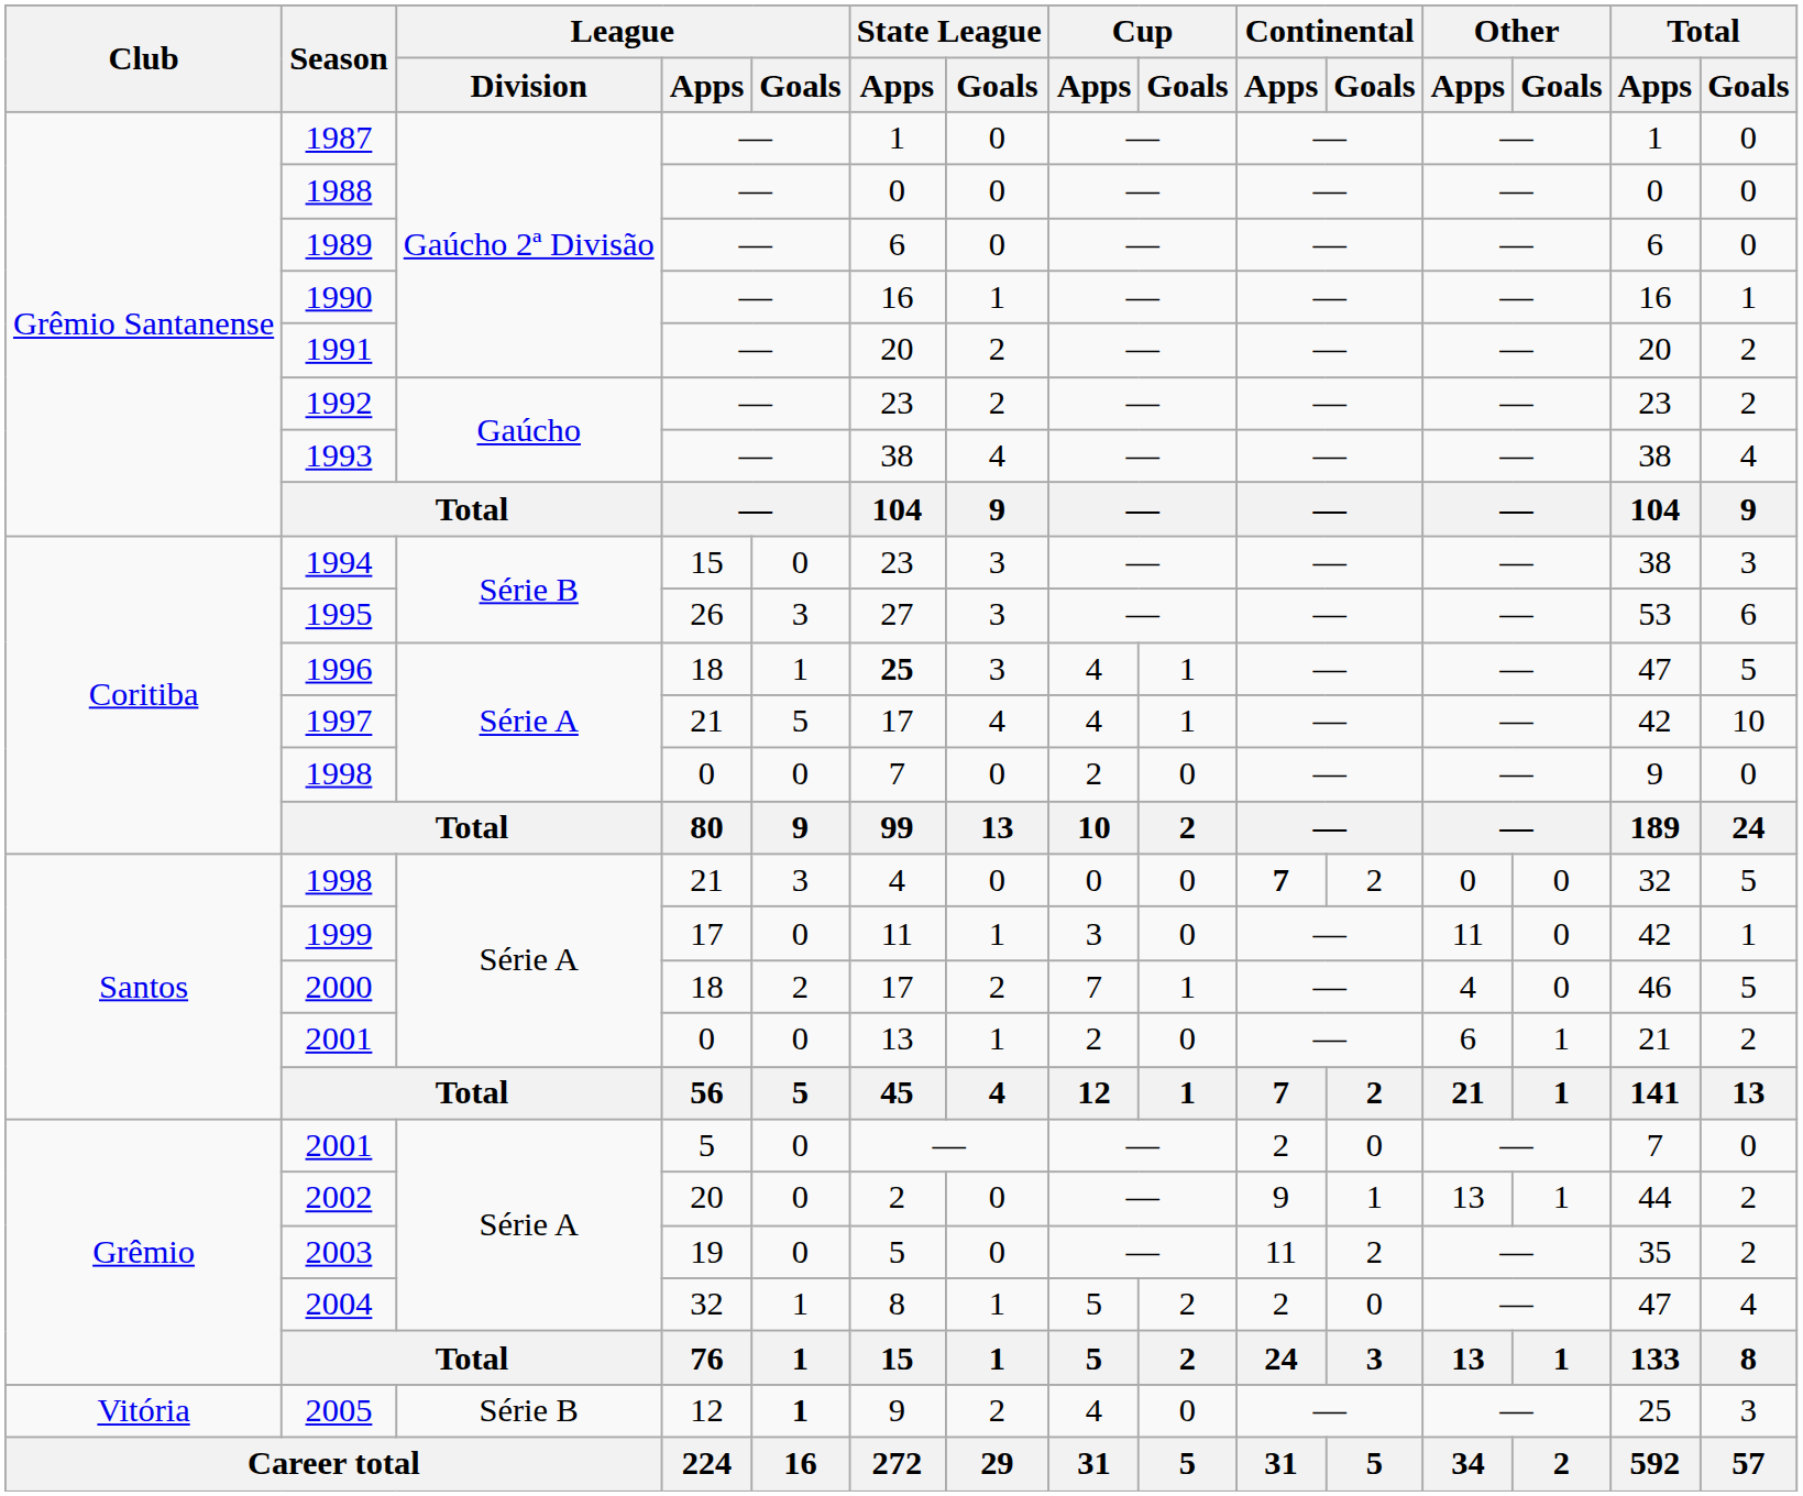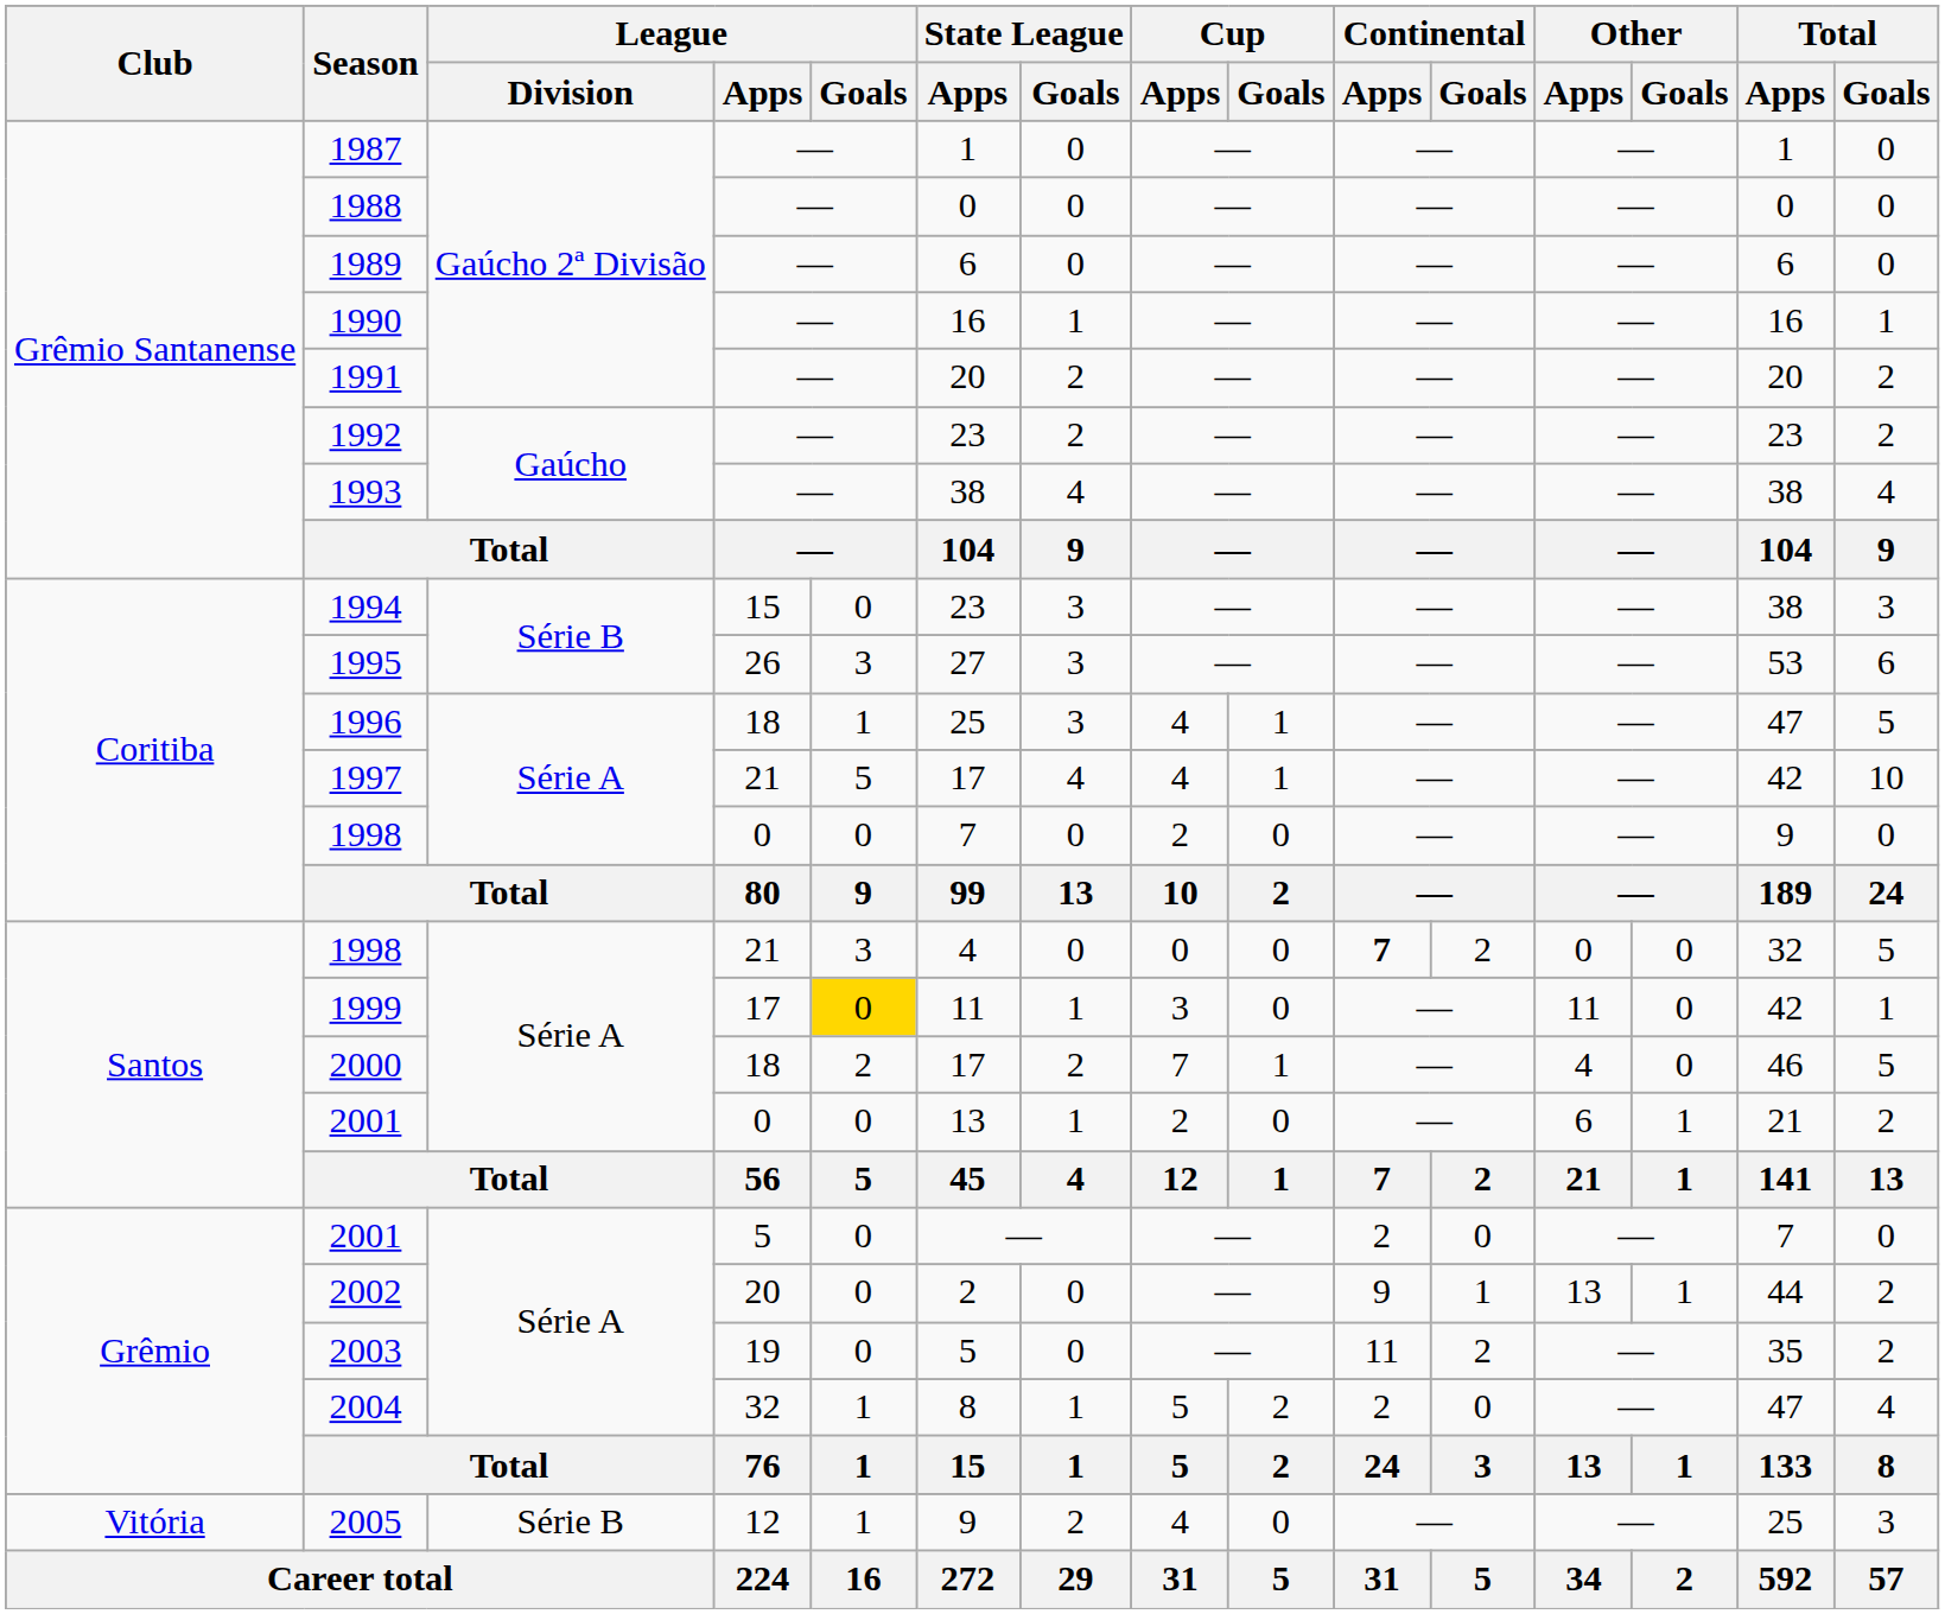 <table class="wikitable" style="text-align: center;">
 <tr>
 <th rowspan="2">Club</th>
 <th rowspan="2">Season</th>
 <th colspan="3">League</th>
 <th colspan="2">State League</th>
 <th colspan="2">Cup</th>
 <th colspan="2">Continental</th>
 <th colspan="2">Other</th>
 <th colspan="2">Total</th>
 </tr>
 <tr>
 <th>Division</th>
 <th>Apps</th>
 <th>Goals</th>
 <th>Apps</th>
 <th>Goals</th>
 <th>Apps</th>
 <th>Goals</th>
 <th>Apps</th>
 <th>Goals</th>
 <th>Apps</th>
 <th>Goals</th>
 <th>Apps</th>
 <th>Goals</th>
 </tr>
 <tr>
 <td rowspan="8" valign="center"><a href='#'>Grêmio Santanense</a></td>
 <td><a href='#'>1987</a></td>
 <td rowspan="5"><a href='#'>Gaúcho 2ª Divisão</a></td>
 <td colspan="2">—</td>
 <td>1</td>
 <td>0</td>
 <td colspan="2">—</td>
 <td colspan="2">—</td>
 <td colspan="2">—</td>
 <td>1</td>
 <td>0</td>
 </tr>
 <tr>
 <td><a href='#'>1988</a></td>
 <td colspan="2">—</td>
 <td>0</td>
 <td>0</td>
 <td colspan="2">—</td>
 <td colspan="2">—</td>
 <td colspan="2">—</td>
 <td>0</td>
 <td>0</td>
 </tr>
 <tr>
 <td><a href='#'>1989</a></td>
 <td colspan="2">—</td>
 <td>6</td>
 <td>0</td>
 <td colspan="2">—</td>
 <td colspan="2">—</td>
 <td colspan="2">—</td>
 <td>6</td>
 <td>0</td>
 </tr>
 <tr>
 <td><a href='#'>1990</a></td>
 <td colspan="2">—</td>
 <td>16</td>
 <td>1</td>
 <td colspan="2">—</td>
 <td colspan="2">—</td>
 <td colspan="2">—</td>
 <td>16</td>
 <td>1</td>
 </tr>
 <tr>
 <td><a href='#'>1991</a></td>
 <td colspan="2">—</td>
 <td>20</td>
 <td>2</td>
 <td colspan="2">—</td>
 <td colspan="2">—</td>
 <td colspan="2">—</td>
 <td>20</td>
 <td>2</td>
 </tr>
 <tr>
 <td><a href='#'>1992</a></td>
 <td rowspan="2"><a href='#'>Gaúcho</a></td>
 <td colspan="2">—</td>
 <td>23</td>
 <td>2</td>
 <td colspan="2">—</td>
 <td colspan="2">—</td>
 <td colspan="2">—</td>
 <td>23</td>
 <td>2</td>
 </tr>
 <tr>
 <td><a href='#'>1993</a></td>
 <td colspan="2">—</td>
 <td>38</td>
 <td>4</td>
 <td colspan="2">—</td>
 <td colspan="2">—</td>
 <td colspan="2">—</td>
 <td>38</td>
 <td>4</td>
 </tr>
 <tr>
 <th colspan="2">Total</th>
 <th colspan="2">—</th>
 <th>104</th>
 <th>9</th>
 <th colspan="2">—</th>
 <th colspan="2">—</th>
 <th colspan="2">—</th>
 <th>104</th>
 <th>9</th>
 </tr>
 <tr>
 <td rowspan="6" valign="center"><a href='#'>Coritiba</a></td>
 <td><a href='#'>1994</a></td>
 <td rowspan="2"><a href='#'>Série B</a></td>
 <td>15</td>
 <td>0</td>
 <td>23</td>
 <td>3</td>
 <td colspan="2">—</td>
 <td colspan="2">—</td>
 <td colspan="2">—</td>
 <td>38</td>
 <td>3</td>
 </tr>
 <tr>
 <td><a href='#'>1995</a></td>
 <td>26</td>
 <td>3</td>
 <td>27</td>
 <td>3</td>
 <td colspan="2">—</td>
 <td colspan="2">—</td>
 <td colspan="2">—</td>
 <td>53</td>
 <td>6</td>
 </tr>
 <tr>
 <td><a href='#'>1996</a></td>
 <td rowspan="3"><a href='#'>Série A</a></td>
 <td>18</td>
 <td>1</td>
-<td><strong>25</strong></td>
+<td>25</td>
 <td>3</td>
 <td>4</td>
 <td>1</td>
 <td colspan="2">—</td>
 <td colspan="2">—</td>
 <td>47</td>
 <td>5</td>
 </tr>
 <tr>
 <td><a href='#'>1997</a></td>
 <td>21</td>
 <td>5</td>
 <td>17</td>
 <td>4</td>
 <td>4</td>
 <td>1</td>
 <td colspan="2">—</td>
 <td colspan="2">—</td>
 <td>42</td>
 <td>10</td>
 </tr>
 <tr>
 <td><a href='#'>1998</a></td>
 <td>0</td>
 <td>0</td>
 <td>7</td>
 <td>0</td>
 <td>2</td>
 <td>0</td>
 <td colspan="2">—</td>
 <td colspan="2">—</td>
 <td>9</td>
 <td>0</td>
 </tr>
 <tr>
 <th colspan="2">Total</th>
 <th>80</th>
 <th>9</th>
 <th>99</th>
 <th>13</th>
 <th>10</th>
 <th>2</th>
 <th colspan="2">—</th>
 <th colspan="2">—</th>
 <th>189</th>
 <th>24</th>
 </tr>
 <tr>
 <td rowspan="5" valign="center"><a href='#'>Santos</a></td>
 <td><a href='#'>1998</a></td>
 <td rowspan="4">Série A</td>
 <td>21</td>
 <td>3</td>
 <td>4</td>
 <td>0</td>
 <td>0</td>
 <td>0</td>
 <td><strong>7</strong></td>
 <td>2</td>
 <td>0</td>
 <td>0</td>
 <td>32</td>
 <td>5</td>
 </tr>
 <tr>
 <td><a href='#'>1999</a></td>
 <td>17</td>
-<td>0</td>
+<td style="background: gold;">0</td>
 <td>11</td>
 <td>1</td>
 <td>3</td>
 <td>0</td>
 <td colspan="2">—</td>
 <td>11</td>
 <td>0</td>
 <td>42</td>
 <td>1</td>
 </tr>
 <tr>
 <td><a href='#'>2000</a></td>
 <td>18</td>
 <td>2</td>
 <td>17</td>
 <td>2</td>
 <td>7</td>
 <td>1</td>
 <td colspan="2">—</td>
 <td>4</td>
 <td>0</td>
 <td>46</td>
 <td>5</td>
 </tr>
 <tr>
 <td><a href='#'>2001</a></td>
 <td>0</td>
 <td>0</td>
 <td>13</td>
 <td>1</td>
 <td>2</td>
 <td>0</td>
 <td colspan="2">—</td>
 <td>6</td>
 <td>1</td>
 <td>21</td>
 <td>2</td>
 </tr>
 <tr>
 <th colspan="2">Total</th>
 <th>56</th>
 <th>5</th>
 <th>45</th>
 <th>4</th>
 <th>12</th>
 <th>1</th>
 <th>7</th>
 <th>2</th>
 <th>21</th>
 <th>1</th>
 <th>141</th>
 <th>13</th>
 </tr>
 <tr>
 <td rowspan="5" valign="center"><a href='#'>Grêmio</a></td>
 <td><a href='#'>2001</a></td>
 <td rowspan="4">Série A</td>
 <td>5</td>
 <td>0</td>
 <td colspan="2">—</td>
 <td colspan="2">—</td>
 <td>2</td>
 <td>0</td>
 <td colspan="2">—</td>
 <td>7</td>
 <td>0</td>
 </tr>
 <tr>
 <td><a href='#'>2002</a></td>
 <td>20</td>
 <td>0</td>
 <td>2</td>
 <td>0</td>
 <td colspan="2">—</td>
 <td>9</td>
 <td>1</td>
 <td>13</td>
 <td>1</td>
 <td>44</td>
 <td>2</td>
 </tr>
 <tr>
 <td><a href='#'>2003</a></td>
 <td>19</td>
 <td>0</td>
 <td>5</td>
 <td>0</td>
 <td colspan="2">—</td>
 <td>11</td>
 <td>2</td>
 <td colspan="2">—</td>
 <td>35</td>
 <td>2</td>
 </tr>
 <tr>
 <td><a href='#'>2004</a></td>
 <td>32</td>
 <td>1</td>
 <td>8</td>
 <td>1</td>
 <td>5</td>
 <td>2</td>
 <td>2</td>
 <td>0</td>
 <td colspan="2">—</td>
 <td>47</td>
 <td>4</td>
 </tr>
 <tr>
 <th colspan="2">Total</th>
 <th>76</th>
 <th>1</th>
 <th>15</th>
 <th>1</th>
 <th>5</th>
 <th>2</th>
 <th>24</th>
 <th>3</th>
 <th>13</th>
 <th>1</th>
 <th>133</th>
 <th>8</th>
 </tr>
 <tr>
 <td valign="center"><a href='#'>Vitória</a></td>
 <td><a href='#'>2005</a></td>
 <td>Série B</td>
 <td>12</td>
-<td><strong>1</strong></td>
+<td>1</td>
 <td>9</td>
 <td>2</td>
 <td>4</td>
 <td>0</td>
 <td colspan="2">—</td>
 <td colspan="2">—</td>
 <td>25</td>
 <td>3</td>
 </tr>
 <tr>
 <th colspan="3"><strong>Career total</strong></th>
 <th>224</th>
 <th>16</th>
 <th>272</th>
 <th>29</th>
 <th>31</th>
 <th>5</th>
 <th>31</th>
 <th>5</th>
 <th>34</th>
 <th>2</th>
 <th>592</th>
 <th>57</th>
 </tr>
 </table>
